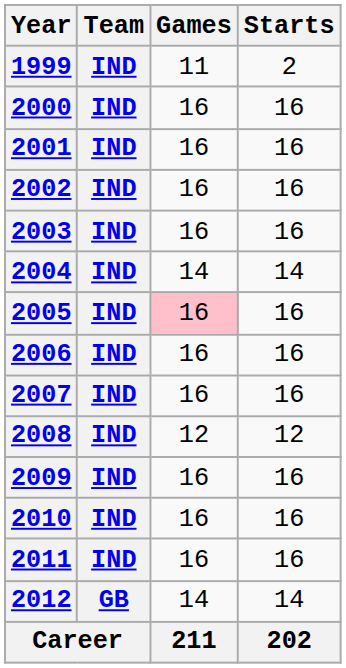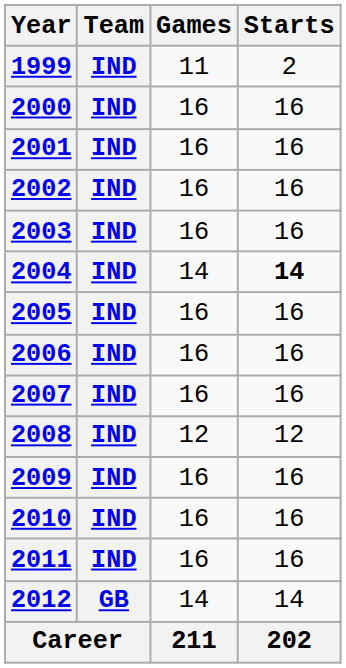 <table class="wikitable" style="text-align: center;">
 <tr>
 <th>Year</th>
 <th>Team</th>
 <th>Games</th>
 <th>Starts</th>
 </tr>
 <tr>
 <th><a href='#'>1999</a></th>
 <th><a href='#'>IND</a></th>
 <td>11</td>
 <td>2</td>
 </tr>
 <tr>
 <th><a href='#'>2000</a></th>
 <th><a href='#'>IND</a></th>
 <td>16</td>
 <td>16</td>
 </tr>
 <tr>
 <th><a href='#'>2001</a></th>
 <th><a href='#'>IND</a></th>
 <td>16</td>
 <td>16</td>
 </tr>
 <tr>
 <th><a href='#'>2002</a></th>
 <th><a href='#'>IND</a></th>
 <td>16</td>
 <td>16</td>
 </tr>
 <tr>
 <th><a href='#'>2003</a></th>
 <th><a href='#'>IND</a></th>
 <td>16</td>
 <td>16</td>
 </tr>
 <tr>
 <th><a href='#'>2004</a></th>
 <th><a href='#'>IND</a></th>
 <td>14</td>
-<td>14</td>
+<td><strong>14</strong></td>
 </tr>
 <tr>
 <th><a href='#'>2005</a></th>
 <th><a href='#'>IND</a></th>
-<td style="background: pink;">16</td>
+<td>16</td>
 <td>16</td>
 </tr>
 <tr>
 <th><a href='#'>2006</a></th>
 <th><a href='#'>IND</a></th>
 <td>16</td>
 <td>16</td>
 </tr>
 <tr>
 <th><a href='#'>2007</a></th>
 <th><a href='#'>IND</a></th>
 <td>16</td>
 <td>16</td>
 </tr>
 <tr>
 <th><a href='#'>2008</a></th>
 <th><a href='#'>IND</a></th>
 <td>12</td>
 <td>12</td>
 </tr>
 <tr>
 <th><a href='#'>2009</a></th>
 <th><a href='#'>IND</a></th>
 <td>16</td>
 <td>16</td>
 </tr>
 <tr>
 <th><a href='#'>2010</a></th>
 <th><a href='#'>IND</a></th>
 <td>16</td>
 <td>16</td>
 </tr>
 <tr>
 <th><a href='#'>2011</a></th>
 <th><a href='#'>IND</a></th>
 <td>16</td>
 <td>16</td>
 </tr>
 <tr>
 <th><a href='#'>2012</a></th>
 <th><a href='#'>GB</a></th>
 <td>14</td>
 <td>14</td>
 </tr>
 <tr>
 <th colspan="2">Career</th>
 <th>211</th>
 <th>202</th>
 </tr>
 </table>
